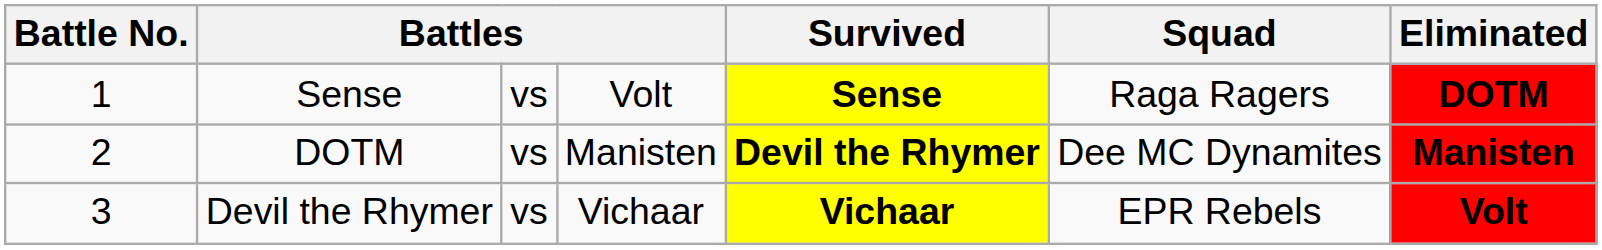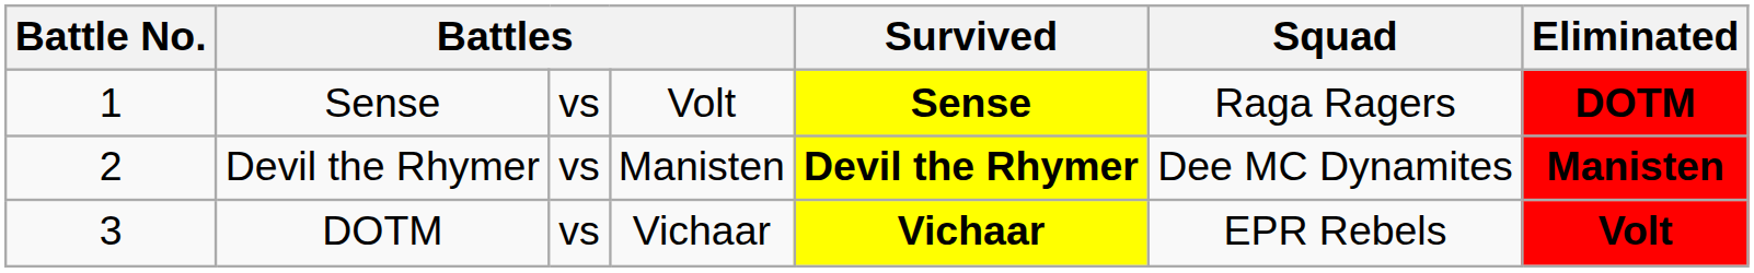 <table class="wikitable" style="text-align:center">
 <tr>
 <th>Battle No.</th>
 <th colspan="3">Battles</th>
 <th>Survived</th>
 <th>Squad</th>
 <th>Eliminated</th>
 </tr>
 <tr>
 <td>1</td>
 <td>Sense</td>
 <td>vs</td>
 <td>Volt</td>
 <td style="background-color:Yellow"><strong>Sense</strong></td>
 <td>Raga Ragers</td>
 <td style="background-color:Red"><strong>DOTM</strong></td>
 </tr>
 <tr>
 <td>2</td>
-<td>DOTM</td>
+<td>Devil the Rhymer</td>
 <td>vs</td>
 <td>Manisten</td>
 <td style="background-color:Yellow"><strong>Devil the Rhymer</strong></td>
 <td>Dee MC Dynamites</td>
 <td style="background-color:Red"><strong>Manisten</strong></td>
 </tr>
 <tr>
 <td>3</td>
-<td>Devil the Rhymer</td>
+<td>DOTM</td>
 <td>vs</td>
 <td>Vichaar</td>
 <td style="background-color:Yellow"><strong>Vichaar</strong></td>
 <td>EPR Rebels</td>
 <td style="background-color:Red"><strong>Volt</strong></td>
 </tr>
 </table>
